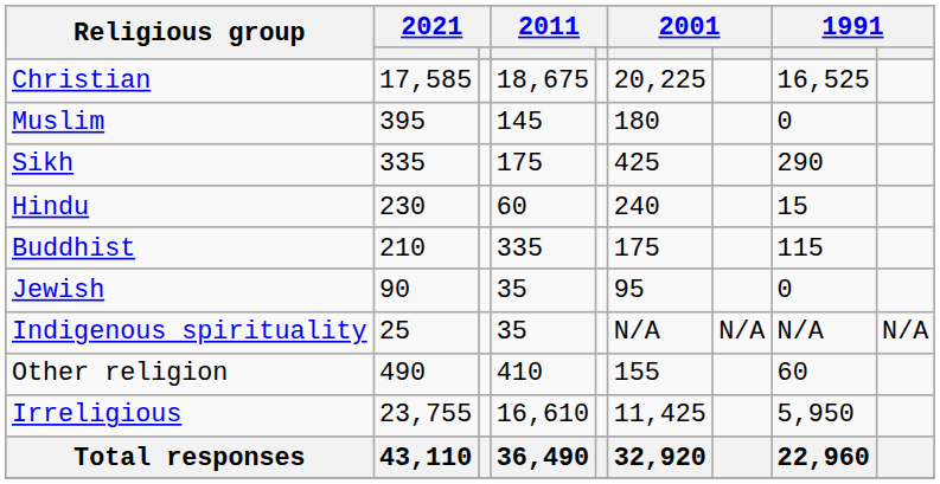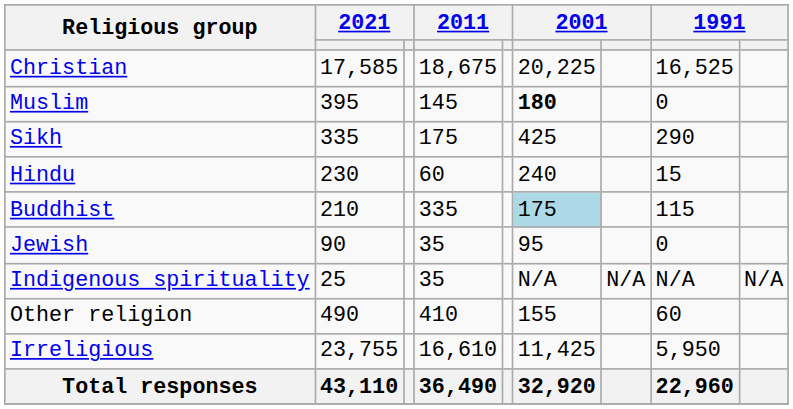 <table class="wikitable collapsible sortable">
 <tr>
 <th rowspan="2">Religious group</th>
 <th colspan="2"><a href='#'>2021</a></th>
 <th colspan="2"><a href='#'>2011</a></th>
 <th colspan="2"><a href='#'>2001</a></th>
 <th colspan="2"><a href='#'>1991</a></th>
 </tr>
 <tr>
 <th><a href='#'></a></th>
 <th></th>
 <th></th>
 <th></th>
 <th></th>
 <th></th>
 <th></th>
 <th></th>
 </tr>
 <tr>
 <td><a href='#'>Christian</a></td>
 <td>17,585</td>
 <td></td>
 <td>18,675</td>
 <td></td>
 <td>20,225</td>
 <td></td>
 <td>16,525</td>
 <td></td>
 </tr>
 <tr>
 <td><a href='#'>Muslim</a></td>
 <td>395</td>
 <td></td>
 <td>145</td>
 <td></td>
-<td>180</td>
+<td><strong>180</strong></td>
 <td></td>
 <td>0</td>
 <td></td>
 </tr>
 <tr>
 <td><a href='#'>Sikh</a></td>
 <td>335</td>
 <td></td>
 <td>175</td>
 <td></td>
 <td>425</td>
 <td></td>
 <td>290</td>
 <td></td>
 </tr>
 <tr>
 <td><a href='#'>Hindu</a></td>
 <td>230</td>
 <td></td>
 <td>60</td>
 <td></td>
 <td>240</td>
 <td></td>
 <td>15</td>
 <td></td>
 </tr>
 <tr>
 <td><a href='#'>Buddhist</a></td>
 <td>210</td>
 <td></td>
 <td>335</td>
 <td></td>
-<td>175</td>
+<td style="background: lightblue;">175</td>
 <td></td>
 <td>115</td>
 <td></td>
 </tr>
 <tr>
 <td><a href='#'>Jewish</a></td>
 <td>90</td>
 <td></td>
 <td>35</td>
 <td></td>
 <td>95</td>
 <td></td>
 <td>0</td>
 <td></td>
 </tr>
 <tr>
 <td><a href='#'>Indigenous spirituality</a></td>
 <td>25</td>
 <td></td>
 <td>35</td>
 <td></td>
 <td>N/A</td>
 <td>N/A</td>
 <td>N/A</td>
 <td>N/A</td>
 </tr>
 <tr>
 <td>Other religion</td>
 <td>490</td>
 <td></td>
 <td>410</td>
 <td></td>
 <td>155</td>
 <td></td>
 <td>60</td>
 <td></td>
 </tr>
 <tr>
 <td><a href='#'>Irreligious</a></td>
 <td>23,755</td>
 <td></td>
 <td>16,610</td>
 <td></td>
 <td>11,425</td>
 <td></td>
 <td>5,950</td>
 <td></td>
 </tr>
 <tr class="sortbottom">
 <th>Total responses</th>
 <th>43,110</th>
 <th></th>
 <th>36,490</th>
 <th></th>
 <th>32,920</th>
 <th></th>
 <th>22,960</th>
 <th></th>
 </tr>
 <tr>
 </tr>
 </table>
